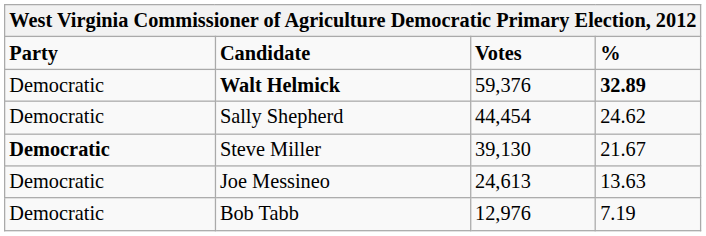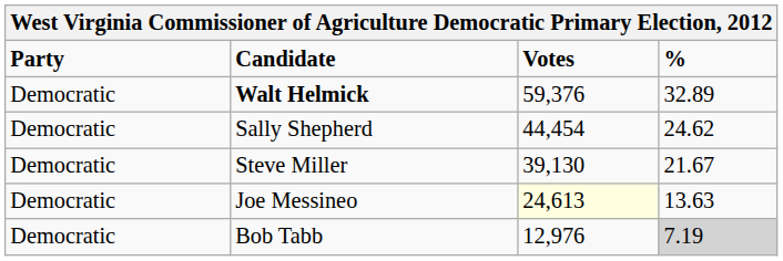 <table class="wikitable">
 <tr>
 <th colspan="4">West Virginia Commissioner of Agriculture Democratic Primary Election, 2012</th>
 </tr>
 <tr>
 <td><strong>Party</strong></td>
 <td><strong>Candidate</strong></td>
 <td><strong>Votes</strong></td>
 <td><strong>%</strong></td>
 </tr>
 <tr>
 <td>Democratic</td>
 <td><strong>Walt Helmick</strong></td>
 <td>59,376</td>
-<td><strong>32.89</strong></td>
+<td>32.89</td>
 </tr>
 <tr>
 <td>Democratic</td>
 <td>Sally Shepherd</td>
 <td>44,454</td>
 <td>24.62</td>
 </tr>
 <tr>
-<td><strong>Democratic</strong></td>
+<td>Democratic</td>
 <td>Steve Miller</td>
 <td>39,130</td>
 <td>21.67</td>
 </tr>
 <tr>
 <td>Democratic</td>
 <td>Joe Messineo</td>
-<td>24,613</td>
+<td style="background: lightyellow;">24,613</td>
 <td>13.63</td>
 </tr>
 <tr>
 <td>Democratic</td>
 <td>Bob Tabb</td>
 <td>12,976</td>
-<td>7.19</td>
+<td style="background: lightgrey;">7.19</td>
 </tr>
 </table>
